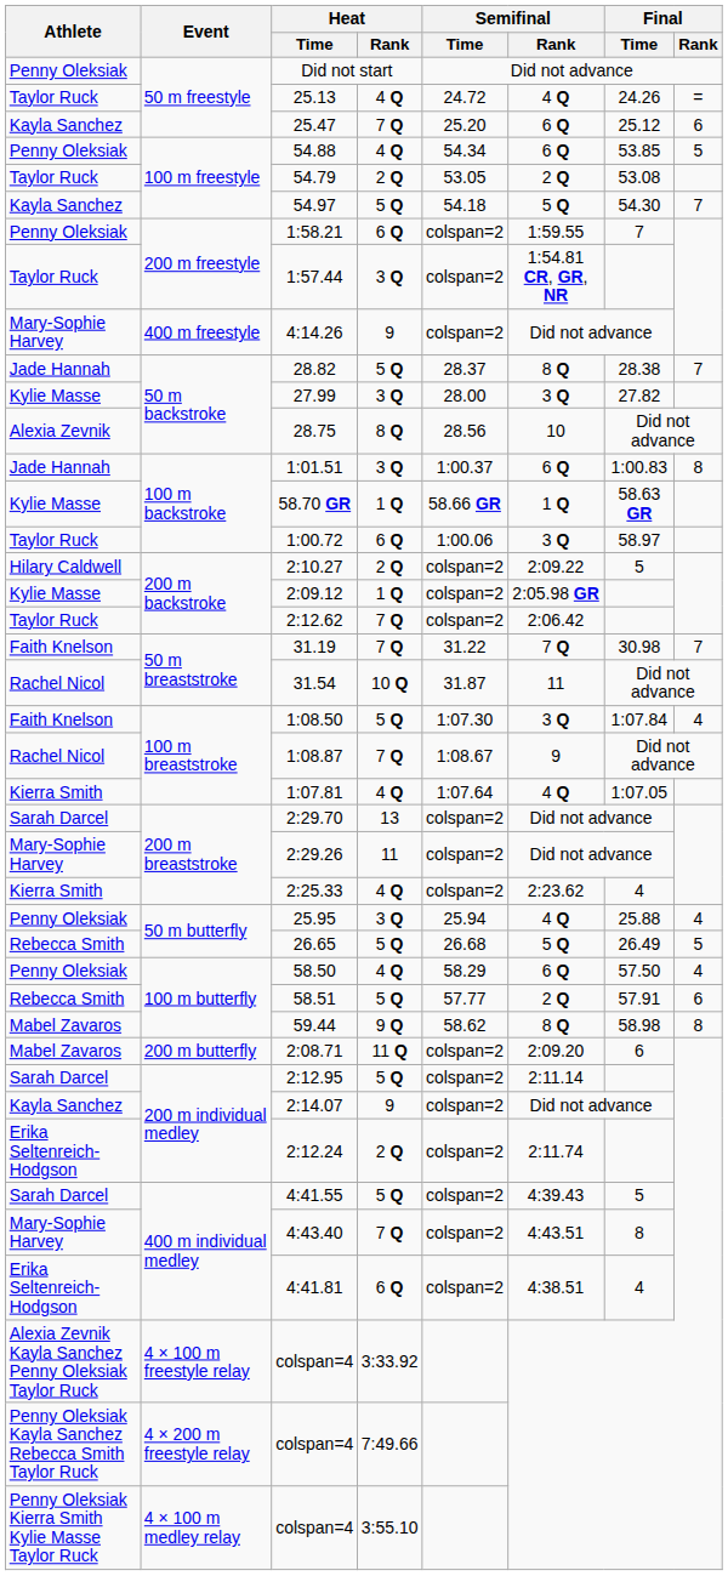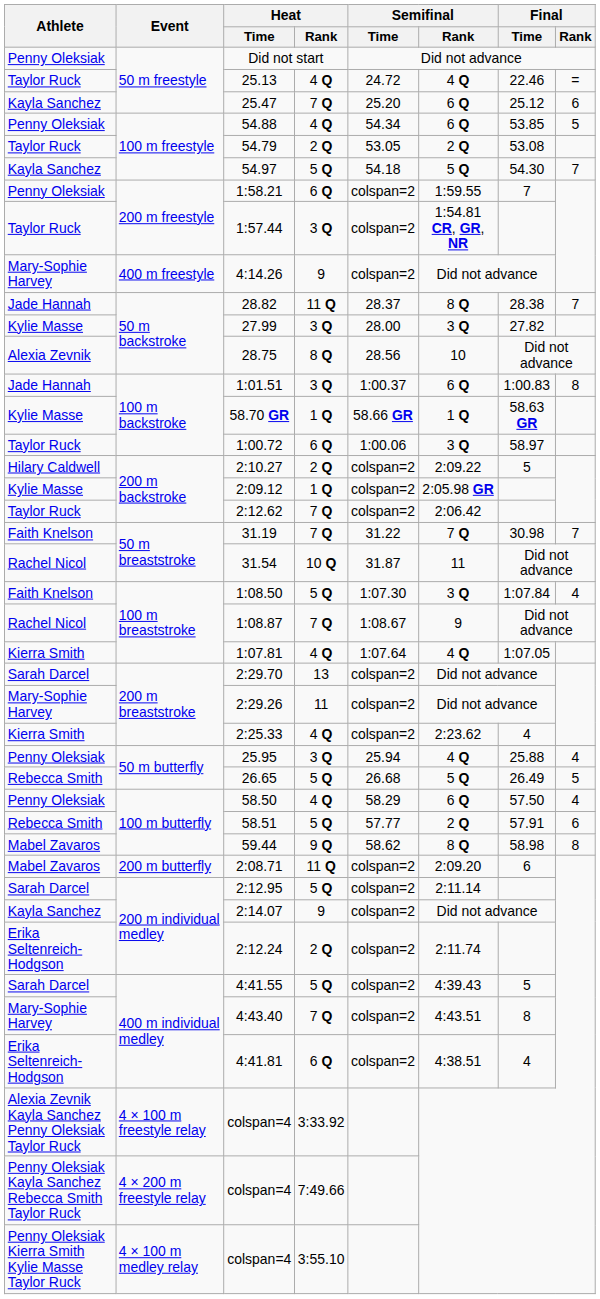 <table class=wikitable style=font-size:90%>
 <tr>
 <th rowspan=2>Athlete</th>
 <th rowspan=2>Event</th>
 <th colspan=2>Heat</th>
 <th colspan=2>Semifinal</th>
 <th colspan=2>Final</th>
 </tr>
 <tr style=font-size:95%>
 <th>Time</th>
 <th>Rank</th>
 <th>Time</th>
 <th>Rank</th>
 <th>Time</th>
 <th>Rank</th>
 </tr>
 <tr align=center>
 <td align=left><a href='#'>Penny Oleksiak</a></td>
 <td align=left rowspan=3><a href='#'>50 m freestyle</a></td>
 <td colspan=2>Did not start</td>
 <td colspan=4>Did not advance</td>
 </tr>
 <tr align=center>
 <td align=left><a href='#'>Taylor Ruck</a></td>
 <td>25.13</td>
 <td>4 <strong>Q</strong></td>
 <td>24.72</td>
 <td>4 <strong>Q</strong></td>
-<td>24.26</td>
+<td>22.46</td>
 <td>=</td>
 </tr>
 <tr align=center>
 <td align=left><a href='#'>Kayla Sanchez</a></td>
 <td>25.47</td>
 <td>7 <strong>Q</strong></td>
 <td>25.20</td>
 <td>6 <strong>Q</strong></td>
 <td>25.12</td>
 <td>6</td>
 </tr>
 <tr align=center>
 <td align=left><a href='#'>Penny Oleksiak</a></td>
 <td align=left rowspan=3><a href='#'>100 m freestyle</a></td>
 <td>54.88</td>
 <td>4 <strong>Q</strong></td>
 <td>54.34</td>
 <td>6 <strong>Q</strong></td>
 <td>53.85</td>
 <td>5</td>
 </tr>
 <tr align=center>
 <td align=left><a href='#'>Taylor Ruck</a></td>
 <td>54.79</td>
 <td>2 <strong>Q</strong></td>
 <td>53.05</td>
 <td>2 <strong>Q</strong></td>
 <td>53.08</td>
 <td></td>
 </tr>
 <tr align=center>
 <td align=left><a href='#'>Kayla Sanchez</a></td>
 <td>54.97</td>
 <td>5 <strong>Q</strong></td>
 <td>54.18</td>
 <td>5 <strong>Q</strong></td>
 <td>54.30</td>
 <td>7</td>
 </tr>
 <tr align=center>
 <td align=left><a href='#'>Penny Oleksiak</a></td>
 <td align=left rowspan=2><a href='#'>200 m freestyle</a></td>
 <td>1:58.21</td>
 <td>6 <strong>Q</strong></td>
 <td>colspan=2 </td>
 <td>1:59.55</td>
 <td>7</td>
 </tr>
 <tr align=center>
 <td align=left><a href='#'>Taylor Ruck</a></td>
 <td>1:57.44</td>
 <td>3 <strong>Q</strong></td>
 <td>colspan=2 </td>
 <td>1:54.81 <strong><a href='#'>CR</a></strong>, <strong><a href='#'>GR</a></strong>, <strong><a href='#'>NR</a></strong></td>
 <td></td>
 </tr>
 <tr align=center>
 <td align=left><a href='#'>Mary-Sophie Harvey</a></td>
 <td align=left><a href='#'>400 m freestyle</a></td>
 <td>4:14.26</td>
 <td>9</td>
 <td>colspan=2 </td>
 <td colspan=2>Did not advance</td>
 </tr>
 <tr align=center>
 <td align=left><a href='#'>Jade Hannah</a></td>
 <td align=left rowspan=3><a href='#'>50 m backstroke</a></td>
 <td>28.82</td>
-<td>5 <strong>Q</strong></td>
+<td>11 <strong>Q</strong></td>
 <td>28.37</td>
 <td>8 <strong>Q</strong></td>
 <td>28.38</td>
 <td>7</td>
 </tr>
 <tr align=center>
 <td align=left><a href='#'>Kylie Masse</a></td>
 <td>27.99</td>
 <td>3 <strong>Q</strong></td>
 <td>28.00</td>
 <td>3 <strong>Q</strong></td>
 <td>27.82</td>
 <td></td>
 </tr>
 <tr align=center>
 <td align=left><a href='#'>Alexia Zevnik</a></td>
 <td>28.75</td>
 <td>8 <strong>Q</strong></td>
 <td>28.56</td>
 <td>10</td>
 <td colspan=2>Did not advance</td>
 </tr>
 <tr align=center>
 <td align=left><a href='#'>Jade Hannah</a></td>
 <td align=left rowspan=3><a href='#'>100 m backstroke</a></td>
 <td>1:01.51</td>
 <td>3 <strong>Q</strong></td>
 <td>1:00.37</td>
 <td>6 <strong>Q</strong></td>
 <td>1:00.83</td>
 <td>8</td>
 </tr>
 <tr align=center>
 <td align=left><a href='#'>Kylie Masse</a></td>
 <td>58.70 <strong><a href='#'>GR</a></strong></td>
 <td>1 <strong>Q</strong></td>
 <td>58.66 <strong><a href='#'>GR</a></strong></td>
 <td>1 <strong>Q</strong></td>
 <td>58.63 <strong><a href='#'>GR</a></strong></td>
 <td></td>
 </tr>
 <tr align=center>
 <td align=left><a href='#'>Taylor Ruck</a></td>
 <td>1:00.72</td>
 <td>6 <strong>Q</strong></td>
 <td>1:00.06</td>
 <td>3 <strong>Q</strong></td>
 <td>58.97</td>
 <td></td>
 </tr>
 <tr align=center>
 <td align=left><a href='#'>Hilary Caldwell</a></td>
 <td align=left rowspan=3><a href='#'>200 m backstroke</a></td>
 <td>2:10.27</td>
 <td>2 <strong>Q</strong></td>
 <td>colspan=2 </td>
 <td>2:09.22</td>
 <td>5</td>
 </tr>
 <tr align=center>
 <td align=left><a href='#'>Kylie Masse</a></td>
 <td>2:09.12</td>
 <td>1 <strong>Q</strong></td>
 <td>colspan=2 </td>
 <td>2:05.98 <strong><a href='#'>GR</a></strong></td>
 <td></td>
 </tr>
 <tr align=center>
 <td align=left><a href='#'>Taylor Ruck</a></td>
 <td>2:12.62</td>
 <td>7 <strong>Q</strong></td>
 <td>colspan=2 </td>
 <td>2:06.42</td>
 <td></td>
 </tr>
 <tr align=center>
 <td align=left><a href='#'>Faith Knelson</a></td>
 <td align=left rowspan=2><a href='#'>50 m breaststroke</a></td>
 <td>31.19</td>
 <td>7 <strong>Q</strong></td>
 <td>31.22</td>
 <td>7 <strong>Q</strong></td>
 <td>30.98</td>
 <td>7</td>
 </tr>
 <tr align=center>
 <td align=left><a href='#'>Rachel Nicol</a></td>
 <td>31.54</td>
 <td>10 <strong>Q</strong></td>
 <td>31.87</td>
 <td>11</td>
 <td colspan=2>Did not advance</td>
 </tr>
 <tr align=center>
 <td align=left><a href='#'>Faith Knelson</a></td>
 <td align=left rowspan=3><a href='#'>100 m breaststroke</a></td>
 <td>1:08.50</td>
 <td>5 <strong>Q</strong></td>
 <td>1:07.30</td>
 <td>3 <strong>Q</strong></td>
 <td>1:07.84</td>
 <td>4</td>
 </tr>
 <tr align=center>
 <td align=left><a href='#'>Rachel Nicol</a></td>
 <td>1:08.87</td>
 <td>7 <strong>Q</strong></td>
 <td>1:08.67</td>
 <td>9</td>
 <td colspan=2>Did not advance</td>
 </tr>
 <tr align=center>
 <td align=left><a href='#'>Kierra Smith</a></td>
 <td>1:07.81</td>
 <td>4 <strong>Q</strong></td>
 <td>1:07.64</td>
 <td>4 <strong>Q</strong></td>
 <td>1:07.05</td>
 <td></td>
 </tr>
 <tr align=center>
 <td align=left><a href='#'>Sarah Darcel</a></td>
 <td align=left rowspan=3><a href='#'>200 m breaststroke</a></td>
 <td>2:29.70</td>
 <td>13</td>
 <td>colspan=2 </td>
 <td colspan=2>Did not advance</td>
 </tr>
 <tr align=center>
 <td align=left><a href='#'>Mary-Sophie Harvey</a></td>
 <td>2:29.26</td>
 <td>11</td>
 <td>colspan=2 </td>
 <td colspan=2>Did not advance</td>
 </tr>
 <tr align=center>
 <td align=left><a href='#'>Kierra Smith</a></td>
 <td>2:25.33</td>
 <td>4 <strong>Q</strong></td>
 <td>colspan=2 </td>
 <td>2:23.62</td>
 <td>4</td>
 </tr>
 <tr align=center>
 <td align=left><a href='#'>Penny Oleksiak</a></td>
 <td align=left rowspan=2><a href='#'>50 m butterfly</a></td>
 <td>25.95</td>
 <td>3 <strong>Q</strong></td>
 <td>25.94</td>
 <td>4 <strong>Q</strong></td>
 <td>25.88</td>
 <td>4</td>
 </tr>
 <tr align=center>
 <td align=left><a href='#'>Rebecca Smith</a></td>
 <td>26.65</td>
 <td>5 <strong>Q</strong></td>
 <td>26.68</td>
 <td>5 <strong>Q</strong></td>
 <td>26.49</td>
 <td>5</td>
 </tr>
 <tr align=center>
 <td align=left><a href='#'>Penny Oleksiak</a></td>
 <td align=left rowspan=3><a href='#'>100 m butterfly</a></td>
 <td>58.50</td>
 <td>4 <strong>Q</strong></td>
 <td>58.29</td>
 <td>6 <strong>Q</strong></td>
 <td>57.50</td>
 <td>4</td>
 </tr>
 <tr align=center>
 <td align=left><a href='#'>Rebecca Smith</a></td>
 <td>58.51</td>
 <td>5 <strong>Q</strong></td>
 <td>57.77</td>
 <td>2 <strong>Q</strong></td>
 <td>57.91</td>
 <td>6</td>
 </tr>
 <tr align=center>
 <td align=left><a href='#'>Mabel Zavaros</a></td>
 <td>59.44</td>
 <td>9 <strong>Q</strong></td>
 <td>58.62</td>
 <td>8 <strong>Q</strong></td>
 <td>58.98</td>
 <td>8</td>
 </tr>
 <tr align=center>
 <td align=left><a href='#'>Mabel Zavaros</a></td>
 <td align=left><a href='#'>200 m butterfly</a></td>
 <td>2:08.71</td>
 <td>11 <strong>Q</strong></td>
 <td>colspan=2 </td>
 <td>2:09.20</td>
 <td>6</td>
 </tr>
 <tr align=center>
 <td align=left><a href='#'>Sarah Darcel</a></td>
 <td align=left rowspan=3><a href='#'>200 m individual medley</a></td>
 <td>2:12.95</td>
 <td>5 <strong>Q</strong></td>
 <td>colspan=2 </td>
 <td>2:11.14</td>
 <td></td>
 </tr>
 <tr align=center>
 <td align=left><a href='#'>Kayla Sanchez</a></td>
 <td>2:14.07</td>
 <td>9</td>
 <td>colspan=2 </td>
 <td colspan=2>Did not advance</td>
 </tr>
 <tr align=center>
 <td align=left><a href='#'>Erika Seltenreich-Hodgson</a></td>
 <td>2:12.24</td>
 <td>2 <strong>Q</strong></td>
 <td>colspan=2 </td>
 <td>2:11.74</td>
 <td></td>
 </tr>
 <tr align=center>
 <td align=left><a href='#'>Sarah Darcel</a></td>
 <td align=left rowspan=3><a href='#'>400 m individual medley</a></td>
 <td>4:41.55</td>
 <td>5 <strong>Q</strong></td>
 <td>colspan=2 </td>
 <td>4:39.43</td>
 <td>5</td>
 </tr>
 <tr align=center>
 <td align=left><a href='#'>Mary-Sophie Harvey</a></td>
 <td>4:43.40</td>
 <td>7 <strong>Q</strong></td>
 <td>colspan=2 </td>
 <td>4:43.51</td>
 <td>8</td>
 </tr>
 <tr align=center>
 <td align=left><a href='#'>Erika Seltenreich-Hodgson</a></td>
 <td>4:41.81</td>
 <td>6 <strong>Q</strong></td>
 <td>colspan=2 </td>
 <td>4:38.51</td>
 <td>4</td>
 </tr>
 <tr align=center>
 <td align=left><a href='#'>Alexia Zevnik</a><br><a href='#'>Kayla Sanchez</a><br><a href='#'>Penny Oleksiak</a><br><a href='#'>Taylor Ruck</a></td>
 <td align=left><a href='#'>4 × 100 m freestyle relay</a></td>
 <td>colspan=4 </td>
 <td>3:33.92</td>
 <td></td>
 </tr>
 <tr align=center>
 <td align=left><a href='#'>Penny Oleksiak</a><br><a href='#'>Kayla Sanchez</a><br><a href='#'>Rebecca Smith</a><br><a href='#'>Taylor Ruck</a></td>
 <td align=left><a href='#'>4 × 200 m freestyle relay</a></td>
 <td>colspan=4 </td>
 <td>7:49.66</td>
 <td></td>
 </tr>
 <tr align=center>
 <td align=left><a href='#'>Penny Oleksiak</a><br><a href='#'>Kierra Smith</a><br><a href='#'>Kylie Masse</a><br><a href='#'>Taylor Ruck</a></td>
 <td align=left><a href='#'>4 × 100 m medley relay</a></td>
 <td>colspan=4 </td>
 <td>3:55.10</td>
 <td></td>
 </tr>
 </table>
